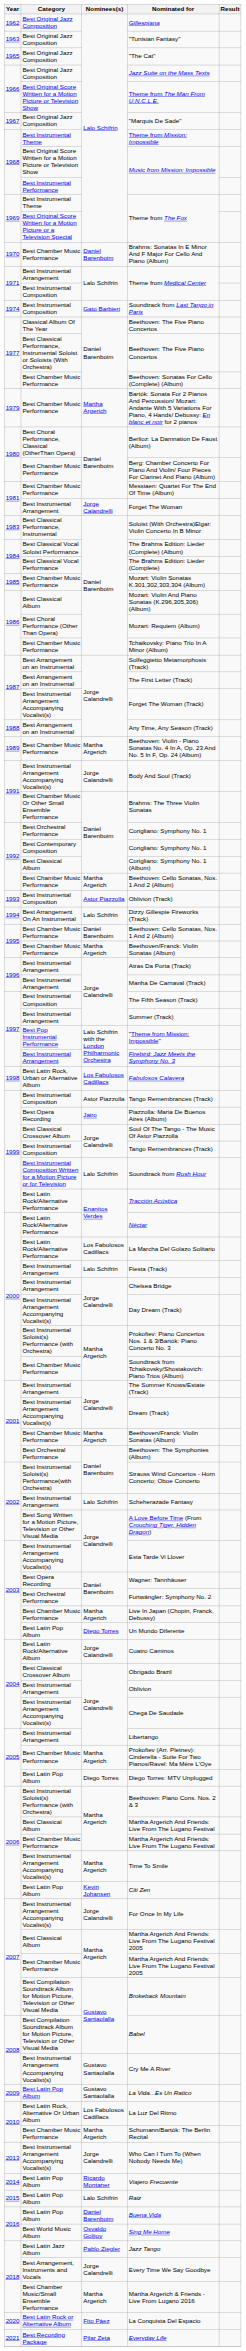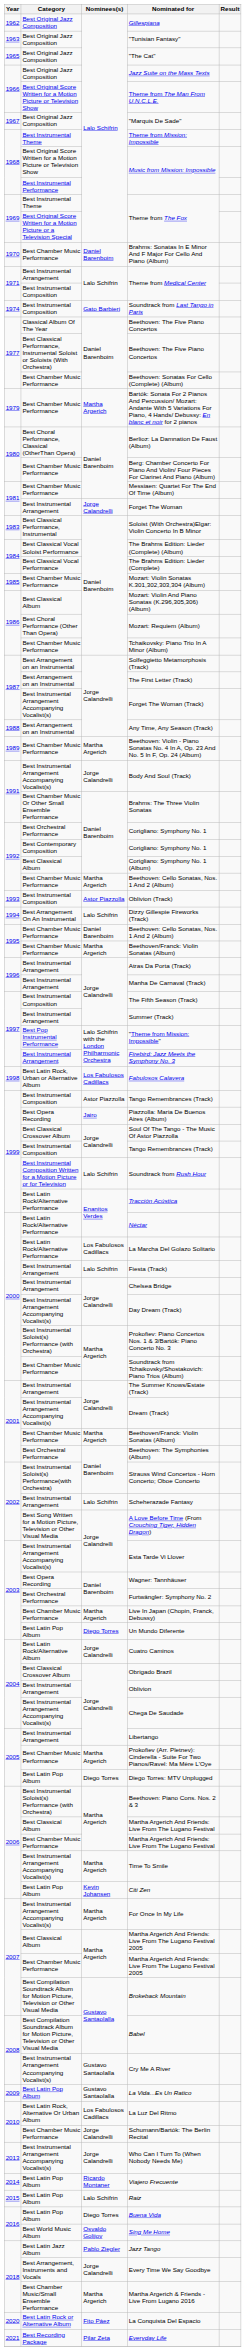 <table class="wikitable">
 <tr>
 <th>Year</th>
 <th>Category</th>
 <th>Nominees(s)</th>
 <th>Nominated for</th>
 <th>Result</th>
 </tr>
 <tr>
 <td><a href='#'>1962</a></td>
 <td><a href='#'>Best Original Jazz Composition</a></td>
 <td rowspan="11"><a href='#'>Lalo Schifrin</a></td>
 <td><em><a href='#'>Gillespiana</a></em></td>
 <td></td>
 </tr>
 <tr>
 <td><a href='#'>1963</a></td>
 <td>Best Original Jazz Composition</td>
 <td>"Tunisian Fantasy"</td>
 <td></td>
 </tr>
 <tr>
 <td><a href='#'>1965</a></td>
 <td>Best Original Jazz Composition</td>
 <td>"The Cat"</td>
 <td></td>
 </tr>
 <tr>
 <td rowspan="2"><a href='#'>1966</a></td>
 <td>Best Original Jazz Composition</td>
 <td><em><a href='#'>Jazz Suite on the Mass Texts</a></em></td>
 <td></td>
 </tr>
 <tr>
 <td><a href='#'>Best Original Score Written for a Motion Picture or Television Show</a></td>
 <td><a href='#'>Theme from <em>The Man From U.N.C.L.E.</em></a></td>
 <td></td>
 </tr>
 <tr>
 <td><a href='#'>1967</a></td>
 <td>Best Original Jazz Composition</td>
 <td>"Marquis De Sade"</td>
 <td></td>
 </tr>
 <tr>
 <td rowspan="3"><a href='#'>1968</a></td>
 <td><a href='#'>Best Instrumental Theme</a></td>
 <td><a href='#'>Theme from <em>Mission: Impossible</em></a></td>
 <td></td>
 </tr>
 <tr>
 <td>Best Original Score Written for a Motion Picture or Television Show</td>
 <td rowspan="2"><em><a href='#'>Music from Mission: Impossible</a></em></td>
 <td></td>
 </tr>
 <tr>
 <td><a href='#'>Best Instrumental Performance</a></td>
 <td></td>
 </tr>
 <tr>
 <td rowspan="2"><a href='#'>1969</a></td>
 <td>Best Instrumental Theme</td>
 <td rowspan=2>Theme from <em><a href='#'>The Fox</a></em></td>
 <td></td>
 </tr>
 <tr>
 <td><a href='#'>Best Original Score Written for a Motion Picture or a Television Special</a></td>
 <td></td>
 </tr>
 <tr>
 <td><a href='#'>1970</a></td>
 <td>Best Chamber Music Performance </td>
 <td><a href='#'>Daniel Barenboim</a></td>
 <td>Brahms: Sonatas In E Minor And F Major For Cello And Piano (Album)</td>
 <td></td>
 </tr>
 <tr>
 <td rowspan="2"><a href='#'>1971</a></td>
 <td>Best Instrumental Arrangement</td>
 <td rowspan="2">Lalo Schifrin</td>
 <td rowspan=2>Theme from <em><a href='#'>Medical Center</a></em></td>
 <td></td>
 </tr>
 <tr>
 <td>Best Instrumental Composition</td>
 <td></td>
 </tr>
 <tr>
 <td><a href='#'>1974</a></td>
 <td>Best Instrumental Composition</td>
 <td><a href='#'>Gato Barbieri</a></td>
 <td>Soundtrack from <em><a href='#'>Last Tango in Paris</a></em></td>
 <td></td>
 </tr>
 <tr>
 <td rowspan="3"><a href='#'>1977</a></td>
 <td>Classical Album Of The Year</td>
 <td rowspan="3">Daniel Barenboim</td>
 <td>Beethoven: The Five Piano Concertos</td>
 <td></td>
 </tr>
 <tr>
 <td>Best Classical Performance, Instrumental Soloist or Soloists (With Orchestra)</td>
 <td>Beethoven: The Five Piano Concertos</td>
 <td></td>
 </tr>
 <tr>
 <td>Best Chamber Music Performance</td>
 <td>Beethoven: Sonatas For Cello (Complete) (Album)</td>
 <td></td>
 </tr>
 <tr>
 <td><a href='#'>1979</a></td>
 <td>Best Chamber Music Performance</td>
 <td><a href='#'>Martha Argerich</a></td>
 <td>Bartók: Sonata For 2 Pianos And Percussion/ Mozart: Andante With 5 Variations For Piano, 4 Hands/ Debussy: <em><a href='#'>En blanc et noir</a></em> for 2 pianos</td>
 <td></td>
 </tr>
 <tr>
 <td rowspan="2"><a href='#'>1980</a></td>
 <td>Best Choral Performance, Classical (OtherThan Opera)</td>
 <td rowspan="3">Daniel Barenboim</td>
 <td>Berlioz: La Damnation De Faust (Album)</td>
 <td></td>
 </tr>
 <tr>
 <td>Best Chamber Music Performance</td>
 <td>Berg: Chamber Concerto For Piano And Violin/ Four Pieces For Clarinet And Piano (Album)</td>
 <td></td>
 </tr>
 <tr>
 <td rowspan="2"><a href='#'>1981</a></td>
 <td>Best Chamber Music Performance</td>
 <td>Messiaen: Quartet For The End Of Time (Album)</td>
 <td></td>
 </tr>
 <tr>
 <td>Best Instrumental Arrangement</td>
 <td><a href='#'>Jorge Calandrelli</a></td>
 <td>Forget The Woman</td>
 <td></td>
 </tr>
 <tr>
 <td><a href='#'>1983</a></td>
 <td>Best Classical Performance, Instrumental</td>
 <td rowspan="7">Daniel Barenboim</td>
 <td>Soloist (With Orchestra)Elgar: Violin Concerto In B Minor</td>
 <td></td>
 </tr>
 <tr>
 <td rowspan="2"><a href='#'>1984</a></td>
 <td>Best Classical Vocal Soloist Performance</td>
 <td>The Brahms Edition: Lieder (Complete) (Album)</td>
 <td></td>
 </tr>
 <tr>
 <td>Best Classical Vocal Performance</td>
 <td>The Brahms Edition: Lieder (Complete)</td>
 <td></td>
 </tr>
 <tr>
 <td><a href='#'>1985</a></td>
 <td>Best Chamber Music Performance</td>
 <td>Mozart: Violin Sonatas K.301,302,303,304 (Album)</td>
 <td></td>
 </tr>
 <tr>
 <td rowspan="3"><a href='#'>1986</a></td>
 <td>Best Classical Album</td>
 <td>Mozart: Violin And Piano Sonatas (K.296,305,306) (Album)</td>
 <td></td>
 </tr>
 <tr>
 <td>Best Choral Performance (Other Than Opera)</td>
 <td>Mozart: Requiem (Album)</td>
 <td></td>
 </tr>
 <tr>
 <td>Best Chamber Music Performance</td>
 <td>Tchaikovsky: Piano Trio In A Minor (Album)</td>
 <td></td>
 </tr>
 <tr>
 <td rowspan="3"><a href='#'>1987</a></td>
 <td>Best Arrangement on an Instrumental</td>
 <td rowspan="4">Jorge Calandrelli</td>
 <td>Solfeggietto Metamorphosis (Track)</td>
 <td></td>
 </tr>
 <tr>
 <td>Best Arrangement on an Instrumental</td>
 <td>The First Letter (Track)</td>
 <td></td>
 </tr>
 <tr>
 <td>Best Instrumental Arrangement Accompanying Vocalist(s)</td>
 <td>Forget The Woman (Track)</td>
 <td></td>
 </tr>
 <tr>
 <td><a href='#'>1988</a></td>
 <td>Best Arrangement on an Instrumental</td>
 <td>Any Time, Any Season (Track)</td>
 <td></td>
 </tr>
 <tr>
 <td><a href='#'>1989</a></td>
 <td>Best Chamber Music Performance</td>
 <td>Martha Argerich</td>
 <td>Beethoven: Violin - Piano Sonatas No. 4 In A, Op. 23 And No. 5 In F, Op. 24 (Album)</td>
 <td></td>
 </tr>
 <tr>
 <td rowspan="2"><a href='#'>1991</a></td>
 <td>Best Instrumental Arrangement Accompanying Vocalist(s)</td>
 <td>Jorge Calandrelli</td>
 <td>Body And Soul (Track)</td>
 <td></td>
 </tr>
 <tr>
 <td>Best Chamber Music Or Other Small Ensemble Performance</td>
 <td rowspan="4">Daniel Barenboim</td>
 <td>Brahms: The Three Violin Sonatas</td>
 <td></td>
 </tr>
 <tr>
 <td rowspan="4"><a href='#'>1992</a></td>
 <td>Best Orchestral Performance</td>
 <td>Corigliano: Symphony No. 1</td>
 <td></td>
 </tr>
 <tr>
 <td>Best Contemporary Composition</td>
 <td>Corigliano: Symphony No. 1</td>
 <td></td>
 </tr>
 <tr>
 <td>Best Classical Album</td>
 <td>Corigliano: Symphony No. 1 (Album)</td>
 <td></td>
 </tr>
 <tr>
 <td>Best Chamber Music Performance</td>
 <td>Martha Argerich</td>
 <td>Beethoven: Cello Sonatas, Nos. 1 And 2 (Album)</td>
 <td></td>
 </tr>
 <tr>
 <td><a href='#'>1993</a></td>
 <td>Best Instrumental Composition</td>
 <td><a href='#'>Astor Piazzolla</a></td>
 <td>Oblivion (Track)</td>
 <td></td>
 </tr>
 <tr>
 <td><a href='#'>1994</a></td>
 <td>Best Arrangement On An Instrumental</td>
 <td>Lalo Schifrin</td>
 <td>Dizzy Gillespie Fireworks (Track)</td>
 <td></td>
 </tr>
 <tr>
 <td rowspan="2"><a href='#'>1995</a></td>
 <td>Best Chamber Music Performance</td>
 <td>Daniel Barenboim</td>
 <td>Beethoven: Cello Sonatas, Nos. 1 And 2 (Album)</td>
 <td></td>
 </tr>
 <tr>
 <td>Best Chamber Music Performance</td>
 <td>Martha Argerich</td>
 <td>Beethoven/Franck: Violin Sonatas (Album)</td>
 <td></td>
 </tr>
 <tr>
 <td rowspan="2"><a href='#'>1996</a></td>
 <td>Best Instrumental Arrangement</td>
 <td rowspan="4">Jorge Calandrelli</td>
 <td>Atras Da Porta (Track)</td>
 <td></td>
 </tr>
 <tr>
 <td>Best Instrumental Arrangement</td>
 <td>Manha De Carnaval (Track)</td>
 <td></td>
 </tr>
 <tr>
 <td rowspan="4"><a href='#'>1997</a></td>
 <td>Best Instrumental Composition</td>
 <td>The Fifth Season (Track)</td>
 <td></td>
 </tr>
 <tr>
 <td>Best Instrumental Arrangement</td>
 <td>Summer (Track)</td>
 <td></td>
 </tr>
 <tr>
 <td><a href='#'>Best Pop Instrumental Performance</a></td>
 <td rowspan=2>Lalo Schifrin with the <a href='#'>London Philharmonic Orchestra</a></td>
 <td>"<a href='#'>Theme from Mission: Impossible</a>"</td>
 <td></td>
 </tr>
 <tr>
 <td><a href='#'>Best Instrumental Arrangement</a></td>
 <td><em><a href='#'>Firebird: Jazz Meets the Symphony No. 3</a></em></td>
 <td></td>
 </tr>
 <tr>
 <td><a href='#'>1998</a></td>
 <td>Best Latin Rock, Urban or Alternative Album</td>
 <td><a href='#'>Los Fabulosos Cadillacs</a></td>
 <td><em><a href='#'>Fabulosos Calavera</a></em></td>
 <td></td>
 </tr>
 <tr>
 <td rowspan="6"><a href='#'>1999</a></td>
 <td>Best Instrumental Composition</td>
 <td>Astor Piazzolla</td>
 <td>Tango Remembrances (Track)</td>
 <td></td>
 </tr>
 <tr>
 <td>Best Opera Recording</td>
 <td><a href='#'>Jairo</a></td>
 <td>Piazzolla: Maria De Buenos Aires (Album)</td>
 <td></td>
 </tr>
 <tr>
 <td>Best Classical Crossover Album</td>
 <td rowspan="2">Jorge Calandrelli</td>
 <td>Soul Of The Tango - The Music Of Astor Piazzolla</td>
 <td></td>
 </tr>
 <tr>
 <td>Best Instrumental Composition</td>
 <td>Tango Remembrances (Track)</td>
 <td></td>
 </tr>
 <tr>
 <td><a href='#'>Best Instrumental Composition Written for a Motion Picture or for Television</a></td>
 <td>Lalo Schifrin</td>
 <td>Soundtrack from <em><a href='#'>Rush Hour</a></em></td>
 <td></td>
 </tr>
 <tr>
 <td>Best Latin Rock/Alternative Performance</td>
 <td rowspan="2"><a href='#'>Enanitos Verdes</a></td>
 <td><em><a href='#'>Tracción Acústica</a></em></td>
 <td></td>
 </tr>
 <tr>
 <td rowspan="7"><a href='#'>2000</a></td>
 <td>Best Latin Rock/Alternative Performance</td>
 <td><em><a href='#'>Néctar</a></em></td>
 <td></td>
 </tr>
 <tr>
 <td>Best Latin Rock/Alternative Performance</td>
 <td>Los Fabulosos Cadillacs</td>
 <td>La Marcha Del Golazo Solitario</td>
 <td></td>
 </tr>
 <tr>
 <td>Best Instrumental Arrangement</td>
 <td>Lalo Schifrin</td>
 <td>Fiesta (Track)</td>
 <td></td>
 </tr>
 <tr>
 <td>Best Instrumental Arrangement</td>
 <td rowspan="2">Jorge Calandrelli</td>
 <td>Chelsea Bridge</td>
 <td></td>
 </tr>
 <tr>
 <td>Best Instrumental Arrangement Accompanying Vocalist(s)</td>
 <td>Day Dream (Track)</td>
 <td></td>
 </tr>
 <tr>
 <td>Best Instrumental Soloist(s) Performance (with Orchestra)</td>
 <td rowspan="2">Martha Argerich</td>
 <td>Prokofiev: Piano Concertos Nos. 1 & 3/Bartók: Piano Concerto No. 3</td>
 <td></td>
 </tr>
 <tr>
 <td>Best Chamber Music Performance</td>
 <td>Soundtrack from Tchaikovsky/Shostakovich: Piano Trios (Album)</td>
 <td></td>
 </tr>
 <tr>
 <td rowspan="4"><a href='#'>2001</a></td>
 <td>Best Instrumental Arrangement</td>
 <td rowspan="2">Jorge Calandrelli</td>
 <td>The Summer Knows/Estate (Track)</td>
 <td></td>
 </tr>
 <tr>
 <td>Best Instrumental Arrangement Accompanying Vocalist(s)</td>
 <td>Dream (Track)</td>
 <td></td>
 </tr>
 <tr>
 <td>Best Chamber Music Performance</td>
 <td>Martha Argerich</td>
 <td>Beethoven/Franck: Violin Sonatas (Album)</td>
 <td></td>
 </tr>
 <tr>
 <td>Best Orchestral Performance</td>
 <td rowspan="2">Daniel Barenboim</td>
 <td>Beethoven: The Symphonies (Album)</td>
 <td></td>
 </tr>
 <tr>
 <td rowspan="3"><a href='#'>2002</a></td>
 <td>Best Instrumental Soloist(s) Performance(with Orchestra)</td>
 <td>Strauss Wind Concertos - Horn Concerto; Oboe Concerto</td>
 <td></td>
 </tr>
 <tr>
 <td>Best Instrumental Arrangement</td>
 <td>Lalo Schifrin</td>
 <td>Scheherazade Fantasy</td>
 <td></td>
 </tr>
 <tr>
 <td>Best Song Written for a Motion Picture, Television or Other Visual Media</td>
 <td rowspan="2">Jorge Calandrelli</td>
 <td><a href='#'>A Love Before Time</a> (From <em><a href='#'>Crouching Tiger, Hidden Dragon</a></em>)</td>
 <td></td>
 </tr>
 <tr>
 <td rowspan="5"><a href='#'>2003</a></td>
 <td>Best Instrumental Arrangement Accompanying Vocalist(s)</td>
 <td>Esta Tarde Vi Llover</td>
 <td></td>
 </tr>
 <tr>
 <td>Best Opera Recording</td>
 <td rowspan="2">Daniel Barenboim</td>
 <td>Wagner: Tannhäuser</td>
 <td></td>
 </tr>
 <tr>
 <td>Best Orchestral Performance</td>
 <td>Furtwängler: Symphony No. 2</td>
 <td></td>
 </tr>
 <tr>
 <td>Best Chamber Music Performance</td>
 <td>Martha Argerich</td>
 <td>Live In Japan (Chopin, Franck, Debussy)</td>
 <td></td>
 </tr>
 <tr>
 <td>Best Latin Pop Album</td>
 <td><a href='#'>Diego Torres</a></td>
 <td>Un Mundo Diferente</td>
 <td></td>
 </tr>
 <tr>
 <td rowspan="4"><a href='#'>2004</a></td>
 <td>Best Latin Rock/Alternative Album</td>
 <td>Jorge Calandrelli</td>
 <td>Cuatro Caminos</td>
 <td></td>
 </tr>
 <tr>
 <td>Best Classical Crossover Album</td>
 <td rowspan="4">Jorge Calandrelli</td>
 <td>Obrigado Brazil</td>
 <td></td>
 </tr>
 <tr>
 <td>Best Instrumental Arrangement</td>
 <td>Oblivion</td>
 <td></td>
 </tr>
 <tr>
 <td>Best Instrumental Arrangement Accompanying Vocalist(s)</td>
 <td>Chega De Saudade</td>
 <td></td>
 </tr>
 <tr>
 <td rowspan="3"><a href='#'>2005</a></td>
 <td>Best Instrumental Arrangement</td>
 <td>Libertango</td>
 <td></td>
 </tr>
 <tr>
 <td>Best Chamber Music Performance</td>
 <td>Martha Argerich</td>
 <td>Prokofiev (Arr. Pletnev): Cinderella - Suite For Two Pianos/Ravel: Ma Mère L'Oye</td>
 <td></td>
 </tr>
 <tr>
 <td>Best Latin Pop Album</td>
 <td>Diego Torres</td>
 <td>Diego Torres: MTV Unplugged</td>
 <td></td>
 </tr>
 <tr>
 <td rowspan="5"><a href='#'>2006</a></td>
 <td>Best Instrumental Soloist(s) Performance (with Orchestra)</td>
 <td rowspan="3">Martha Argerich</td>
 <td>Beethoven: Piano Cons. Nos. 2 & 3</td>
 <td></td>
 </tr>
 <tr>
 <td>Best Classical Album</td>
 <td>Martha Argerich And Friends: Live From The Lugano Festival</td>
 <td></td>
 </tr>
 <tr>
 <td>Best Chamber Music Performance</td>
 <td>Martha Argerich And Friends: Live From The Lugano Festival</td>
 <td></td>
 </tr>
 <tr>
 <td>Best Instrumental Arrangement Accompanying Vocalist(s)</td>
 <td>Martha Argerich</td>
 <td>Time To Smile</td>
 <td></td>
 </tr>
 <tr>
 <td>Best Latin Pop Album</td>
 <td><a href='#'>Kevin Johansen</a></td>
 <td><em>Citi Zen</em></td>
 <td></td>
 </tr>
 <tr>
 <td rowspan="4"><a href='#'>2007</a></td>
 <td>Best Instrumental Arrangement Accompanying Vocalist(s)</td>
-<td>Jorge Calandrelli</td>
+<td>Martha Argerich</td>
 <td>For Once In My Life</td>
 <td></td>
 </tr>
 <tr>
 <td>Best Classical Album</td>
 <td rowspan="2">Martha Argerich</td>
 <td>Martha Argerich And Friends: Live From The Lugano Festival 2005</td>
 <td></td>
 </tr>
 <tr>
 <td>Best Chamber Music Performance</td>
 <td>Martha Argerich And Friends: Live From The Lugano Festival 2005</td>
 <td></td>
 </tr>
 <tr>
 <td>Best Compilation Soundtrack Album for Motion Picture, Television or Other Visual Media</td>
 <td rowspan="2"><a href='#'>Gustavo Santaolalla</a></td>
 <td><em>Brokeback Mountain</em></td>
 <td></td>
 </tr>
 <tr>
 <td rowspan="2"><a href='#'>2008</a></td>
 <td>Best Compilation Soundtrack Album for Motion Picture, Television or Other Visual Media</td>
 <td><em>Babel</em></td>
 <td></td>
 </tr>
 <tr>
 <td>Best Instrumental Arrangement Accompanying Vocalist(s)</td>
 <td>Gustavo Santaolalla</td>
 <td>Cry Me A River</td>
 <td></td>
 </tr>
 <tr>
 <td><a href='#'>2009</a></td>
 <td><a href='#'>Best Latin Pop Album</a></td>
 <td>Gustavo Santaolalla</td>
 <td><em>La Vida...Es Un Ratico</em></td>
 <td></td>
 </tr>
 <tr>
 <td rowspan=2><a href='#'>2010</a></td>
 <td>Best Latin Rock, Alternative Or Urban Album</td>
 <td>Los Fabulosos Cadillacs</td>
 <td>La Luz Del Ritmo</td>
 <td></td>
 </tr>
 <tr>
 <td>Best Chamber Music Performance</td>
-<td>Martha Argerich</td>
+<td>Jorge Calandrelli</td>
 <td>Schumann/Bartók: The Berlin Recital</td>
 <td></td>
 </tr>
 <tr>
 <td><a href='#'>2013</a></td>
 <td>Best Instrumental Arrangement Accompanying Vocalist(s)</td>
 <td>Jorge Calandrelli</td>
 <td>Who Can I Turn To (When Nobody Needs Me)</td>
 <td></td>
 </tr>
 <tr>
 <td><a href='#'>2014</a></td>
 <td>Best Latin Pop Album</td>
 <td><a href='#'>Ricardo Montaner</a></td>
 <td><em>Viajero Frecuente</em></td>
 <td></td>
 </tr>
 <tr>
 <td><a href='#'>2015</a></td>
 <td>Best Latin Pop Album</td>
 <td>Lalo Schifrin</td>
 <td><em>Raiz</em></td>
 <td></td>
 </tr>
 <tr>
 <td rowspan=2><a href='#'>2016</a></td>
 <td>Best Latin Pop Album</td>
-<td><a href='#'>Daniel Barenboim</a></td>
+<td>Diego Torres </td>
 <td><em><a href='#'>Buena Vida</a></em></td>
 <td></td>
 </tr>
 <tr>
 <td>Best World Music Album</td>
 <td><a href='#'>Osvaldo Golijov</a></td>
 <td><em><a href='#'>Sing Me Home</a></em></td>
 <td></td>
 </tr>
 <tr>
 <td rowspan=3><a href='#'>2018</a></td>
 <td>Best Latin Jazz Album</td>
 <td><a href='#'>Pablo Ziegler</a></td>
 <td><em>Jazz Tango</em></td>
 <td></td>
 </tr>
 <tr>
 <td>Best Arrangement, Instruments and Vocals</td>
 <td>Jorge Calandrelli</td>
 <td>Every Time We Say Goodbye</td>
 <td></td>
 </tr>
 <tr>
 <td>Best Chamber Music/Small Ensemble Performance</td>
 <td>Martha Argerich</td>
 <td>Martha Argerich & Friends - Live From Lugano 2016</td>
 <td></td>
 </tr>
 <tr>
 <td><a href='#'>2020</a></td>
 <td><a href='#'>Best Latin Rock or Alternative Album</a></td>
 <td><a href='#'>Fito Páez</a></td>
 <td>La Conquista Del Espacio</td>
 <td></td>
 </tr>
 <tr>
 <td><a href='#'>2021</a></td>
 <td><a href='#'>Best Recording Package</a></td>
 <td><a href='#'>Pilar Zeta</a></td>
 <td><em><a href='#'>Everyday Life</a></em></td>
 <td></td>
 </tr>
 <tr>
 </tr>
 </table>
